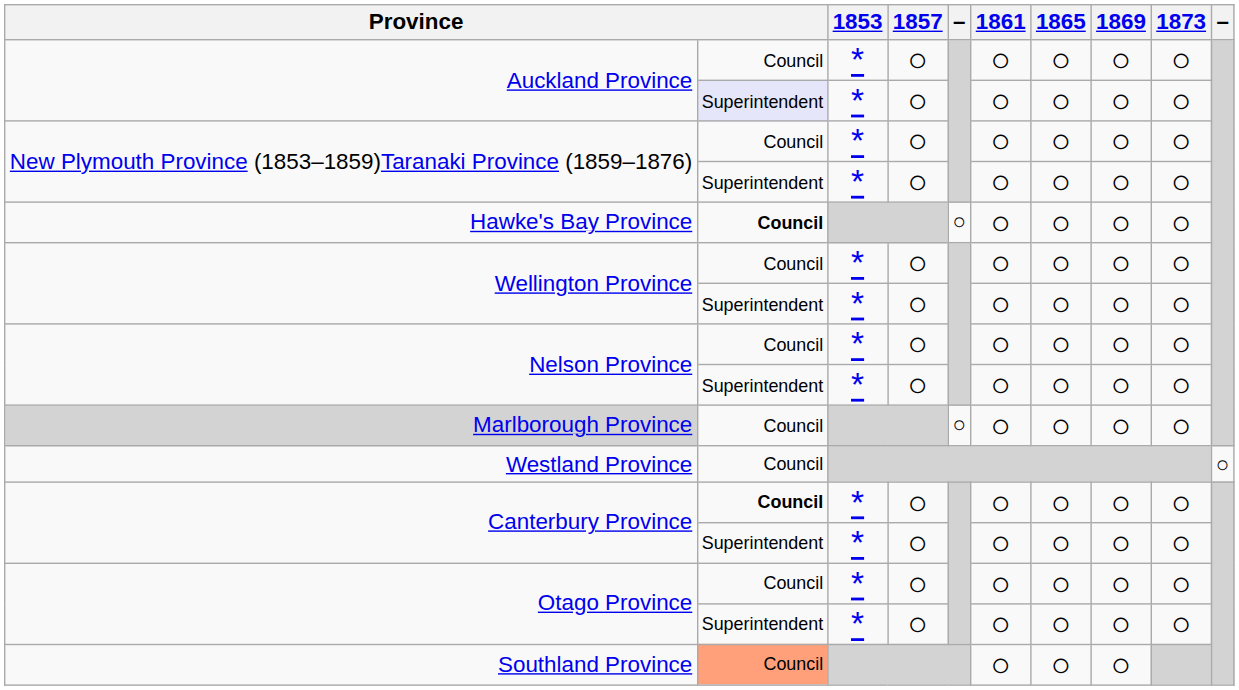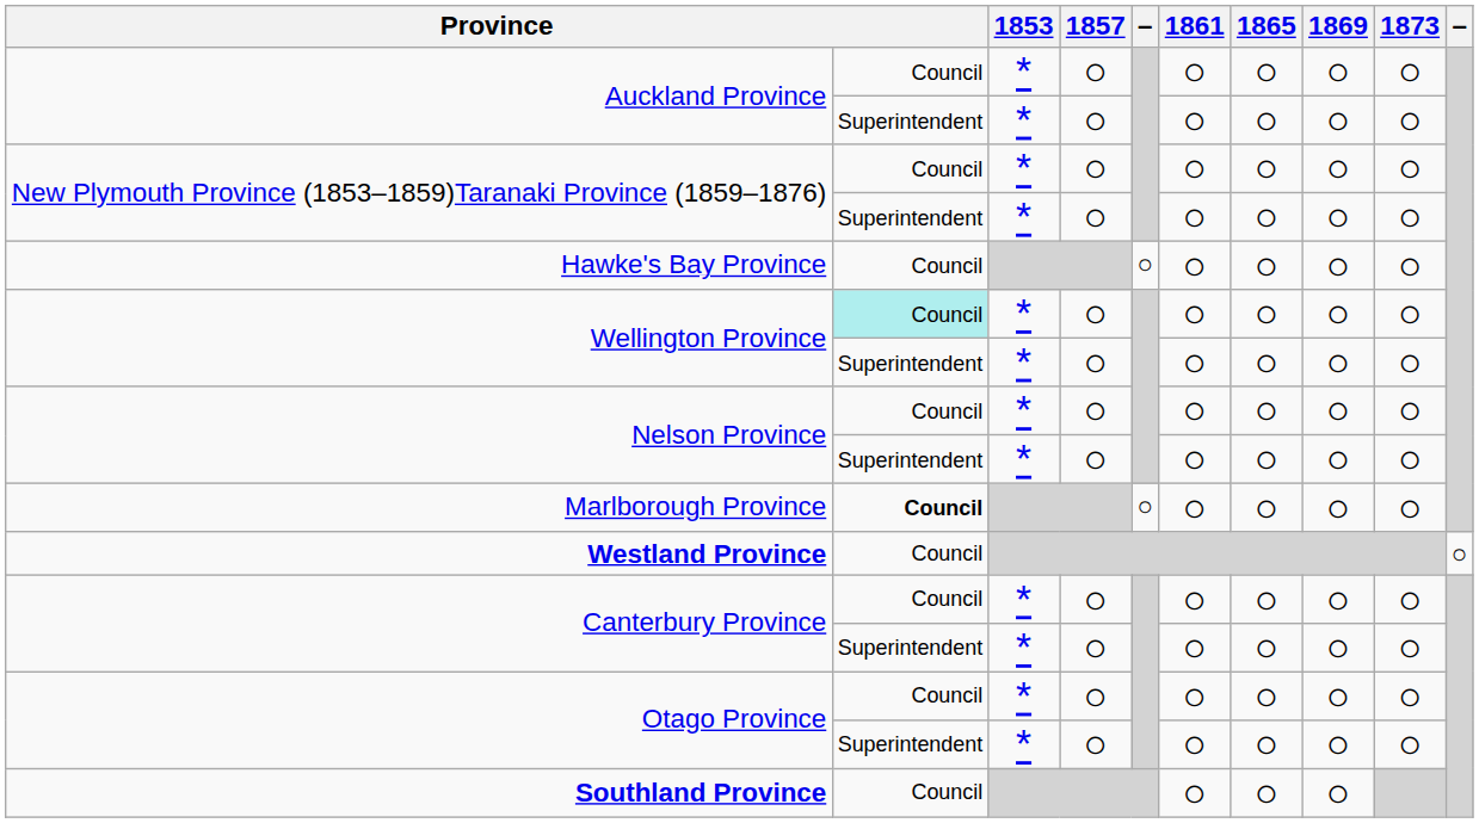 <table class="wikitable" style="text-align:center;">
 <tr>
 <th colspan="2">Province</th>
 <th><a href='#'>1853</a></th>
 <th><a href='#'>1857</a></th>
 <th>–</th>
 <th><a href='#'>1861</a></th>
 <th><a href='#'>1865</a></th>
 <th><a href='#'>1869</a></th>
 <th><a href='#'>1873</a></th>
 <th>–</th>
 </tr>
 <tr>
 <td rowspan="2" style="text-align:right"><a href='#'>Auckland Province</a></td>
 <td style="text-align:right;font-size:80%;">Council</td>
 <td style="font-size:150%;padding:0px"><a href='#'>*</a></td>
 <td style="font-size:150%;padding:0px">○</td>
 <td style="background:lightgrey" rowspan="4"></td>
 <td style="font-size:150%;padding:0px">○</td>
 <td style="font-size:150%;padding:0px">○</td>
 <td style="font-size:150%;padding:0px">○</td>
 <td style="font-size:150%;padding:0px">○</td>
 <td style="background:lightgrey" rowspan="10"></td>
 </tr>
 <tr>
-<td style="background: lavender; text-align:right;font-size:80%;">Superintendent</td>
+<td style="text-align:right;font-size:80%;">Superintendent</td>
 <td style="font-size:150%;padding:0px"><a href='#'>*</a></td>
 <td style="font-size:150%;padding:0px">○</td>
 <td style="font-size:150%;padding:0px">○</td>
 <td style="font-size:150%;padding:0px">○</td>
 <td style="font-size:150%;padding:0px">○</td>
 <td style="font-size:150%;padding:0px">○</td>
 </tr>
 <tr>
 <td style="text-align:right" rowspan="2"><a href='#'>New Plymouth Province</a> <span>(1853–1859)</span><a href='#'>Taranaki Province</a> <span>(1859–1876)</span></td>
 <td style="text-align:right;font-size:80%;">Council</td>
 <td style="font-size:150%;padding:0px"><a href='#'>*</a></td>
 <td style="font-size:150%;padding:0px">○</td>
 <td style="font-size:150%;padding:0px">○</td>
 <td style="font-size:150%;padding:0px">○</td>
 <td style="font-size:150%;padding:0px">○</td>
 <td style="font-size:150%;padding:0px">○</td>
 </tr>
 <tr>
 <td style="text-align:right;font-size:80%;">Superintendent</td>
 <td style="font-size:150%;padding:0px"><a href='#'>*</a></td>
 <td style="font-size:150%;padding:0px">○</td>
 <td style="font-size:150%;padding:0px">○</td>
 <td style="font-size:150%;padding:0px">○</td>
 <td style="font-size:150%;padding:0px">○</td>
 <td style="font-size:150%;padding:0px">○</td>
 </tr>
 <tr>
 <td style="text-align:right"><a href='#'>Hawke's Bay Province</a></td>
-<td style="text-align:right;font-size:80%;"><strong>Council</strong></td>
+<td style="text-align:right;font-size:80%;">Council</td>
 <td style="background:lightgrey" colspan="2"></td>
 <td style="padding:0px"><span>○</span></td>
 <td style="font-size:150%;padding:0px">○</td>
 <td style="font-size:150%;padding:0px">○</td>
 <td style="font-size:150%;padding:0px">○</td>
 <td style="font-size:150%;padding:0px">○</td>
 </tr>
 <tr>
 <td style="text-align:right" rowspan="2"><a href='#'>Wellington Province</a></td>
-<td style="text-align:right;font-size:80%;">Council</td>
+<td style="background: paleturquoise; text-align:right;font-size:80%;">Council</td>
 <td style="font-size:150%;padding:0px"><a href='#'>*</a></td>
 <td style="font-size:150%;padding:0px">○</td>
 <td style="background:lightgrey" rowspan="4"></td>
 <td style="font-size:150%;padding:0px">○</td>
 <td style="font-size:150%;padding:0px">○</td>
 <td style="font-size:150%;padding:0px">○</td>
 <td style="font-size:150%;padding:0px">○</td>
 </tr>
 <tr>
 <td style="text-align:right;font-size:80%;">Superintendent</td>
 <td style="font-size:150%;padding:0px"><a href='#'>*</a></td>
 <td style="font-size:150%;padding:0px">○</td>
 <td style="font-size:150%;padding:0px">○</td>
 <td style="font-size:150%;padding:0px">○</td>
 <td style="font-size:150%;padding:0px">○</td>
 <td style="font-size:150%;padding:0px">○</td>
 </tr>
 <tr>
 <td style="text-align:right" rowspan="2"><a href='#'>Nelson Province</a></td>
 <td style="text-align:right;font-size:80%;">Council</td>
 <td style="font-size:150%;padding:0px"><a href='#'>*</a></td>
 <td style="font-size:150%;padding:0px">○</td>
 <td style="font-size:150%;padding:0px">○</td>
 <td style="font-size:150%;padding:0px">○</td>
 <td style="font-size:150%;padding:0px">○</td>
 <td style="font-size:150%;padding:0px">○</td>
 </tr>
 <tr>
 <td style="text-align:right;font-size:80%;">Superintendent</td>
 <td style="font-size:150%;padding:0px"><a href='#'>*</a></td>
 <td style="font-size:150%;padding:0px">○</td>
 <td style="font-size:150%;padding:0px">○</td>
 <td style="font-size:150%;padding:0px">○</td>
 <td style="font-size:150%;padding:0px">○</td>
 <td style="font-size:150%;padding:0px">○</td>
 </tr>
 <tr>
-<td style="background: lightgrey; text-align:right"><a href='#'>Marlborough Province</a></td>
-<td style="text-align:right;font-size:80%;">Council</td>
+<td style="text-align:right"><a href='#'>Marlborough Province</a></td>
+<td style="text-align:right;font-size:80%;"><strong>Council</strong></td>
 <td style="background:lightgrey" colspan="2"></td>
 <td style="padding:0px"><span>○</span></td>
 <td style="font-size:150%;padding:0px">○</td>
 <td style="font-size:150%;padding:0px">○</td>
 <td style="font-size:150%;padding:0px">○</td>
 <td style="font-size:150%;padding:0px">○</td>
 </tr>
 <tr>
-<td style="text-align:right"><a href='#'>Westland Province</a></td>
+<td style="text-align:right"><strong><a href='#'>Westland Province</a></strong></td>
 <td style="text-align:right;font-size:80%;">Council</td>
 <td style="background:lightgrey" colspan="7"></td>
 <td style="padding:0px"><span>○</span></td>
 </tr>
 <tr>
 <td style="text-align:right" rowspan="2"><a href='#'>Canterbury Province</a></td>
-<td style="text-align:right;font-size:80%;"><strong>Council</strong></td>
+<td style="text-align:right;font-size:80%;">Council</td>
 <td style="font-size:150%;padding:0px"><a href='#'>*</a></td>
 <td style="font-size:150%;padding:0px">○</td>
 <td style="background:lightgrey" rowspan="4"></td>
 <td style="font-size:150%;padding:0px">○</td>
 <td style="font-size:150%;padding:0px">○</td>
 <td style="font-size:150%;padding:0px">○</td>
 <td style="font-size:150%;padding:0px">○</td>
 <td style="background:lightgrey" rowspan="5"></td>
 </tr>
 <tr>
 <td style="text-align:right;font-size:80%;">Superintendent</td>
 <td style="font-size:150%;padding:0px"><a href='#'>*</a></td>
 <td style="font-size:150%;padding:0px">○</td>
 <td style="font-size:150%;padding:0px">○</td>
 <td style="font-size:150%;padding:0px">○</td>
 <td style="font-size:150%;padding:0px">○</td>
 <td style="font-size:150%;padding:0px">○</td>
 </tr>
 <tr>
 <td style="text-align:right" rowspan="2"><a href='#'>Otago Province</a></td>
 <td style="text-align:right;font-size:80%;">Council</td>
 <td style="font-size:150%;padding:0px"><a href='#'>*</a></td>
 <td style="font-size:150%;padding:0px">○</td>
 <td style="font-size:150%;padding:0px">○</td>
 <td style="font-size:150%;padding:0px">○</td>
 <td style="font-size:150%;padding:0px">○</td>
 <td style="font-size:150%;padding:0px">○</td>
 </tr>
 <tr>
 <td style="text-align:right;font-size:80%;">Superintendent</td>
 <td style="font-size:150%;padding:0px"><a href='#'>*</a></td>
 <td style="font-size:150%;padding:0px">○</td>
 <td style="font-size:150%;padding:0px">○</td>
 <td style="font-size:150%;padding:0px">○</td>
 <td style="font-size:150%;padding:0px">○</td>
 <td style="font-size:150%;padding:0px">○</td>
 </tr>
 <tr>
-<td style="text-align:right"><a href='#'>Southland Province</a></td>
-<td style="background: lightsalmon; text-align:right;font-size:80%;">Council</td>
+<td style="text-align:right"><strong><a href='#'>Southland Province</a></strong></td>
+<td style="text-align:right;font-size:80%;">Council</td>
 <td style="background:lightgrey" colspan="3"></td>
 <td style="font-size:150%;padding:0px">○</td>
 <td style="font-size:150%;padding:0px">○</td>
 <td style="font-size:150%;padding:0px">○</td>
 <td style="background:lightgrey"></td>
 </tr>
 </table>
